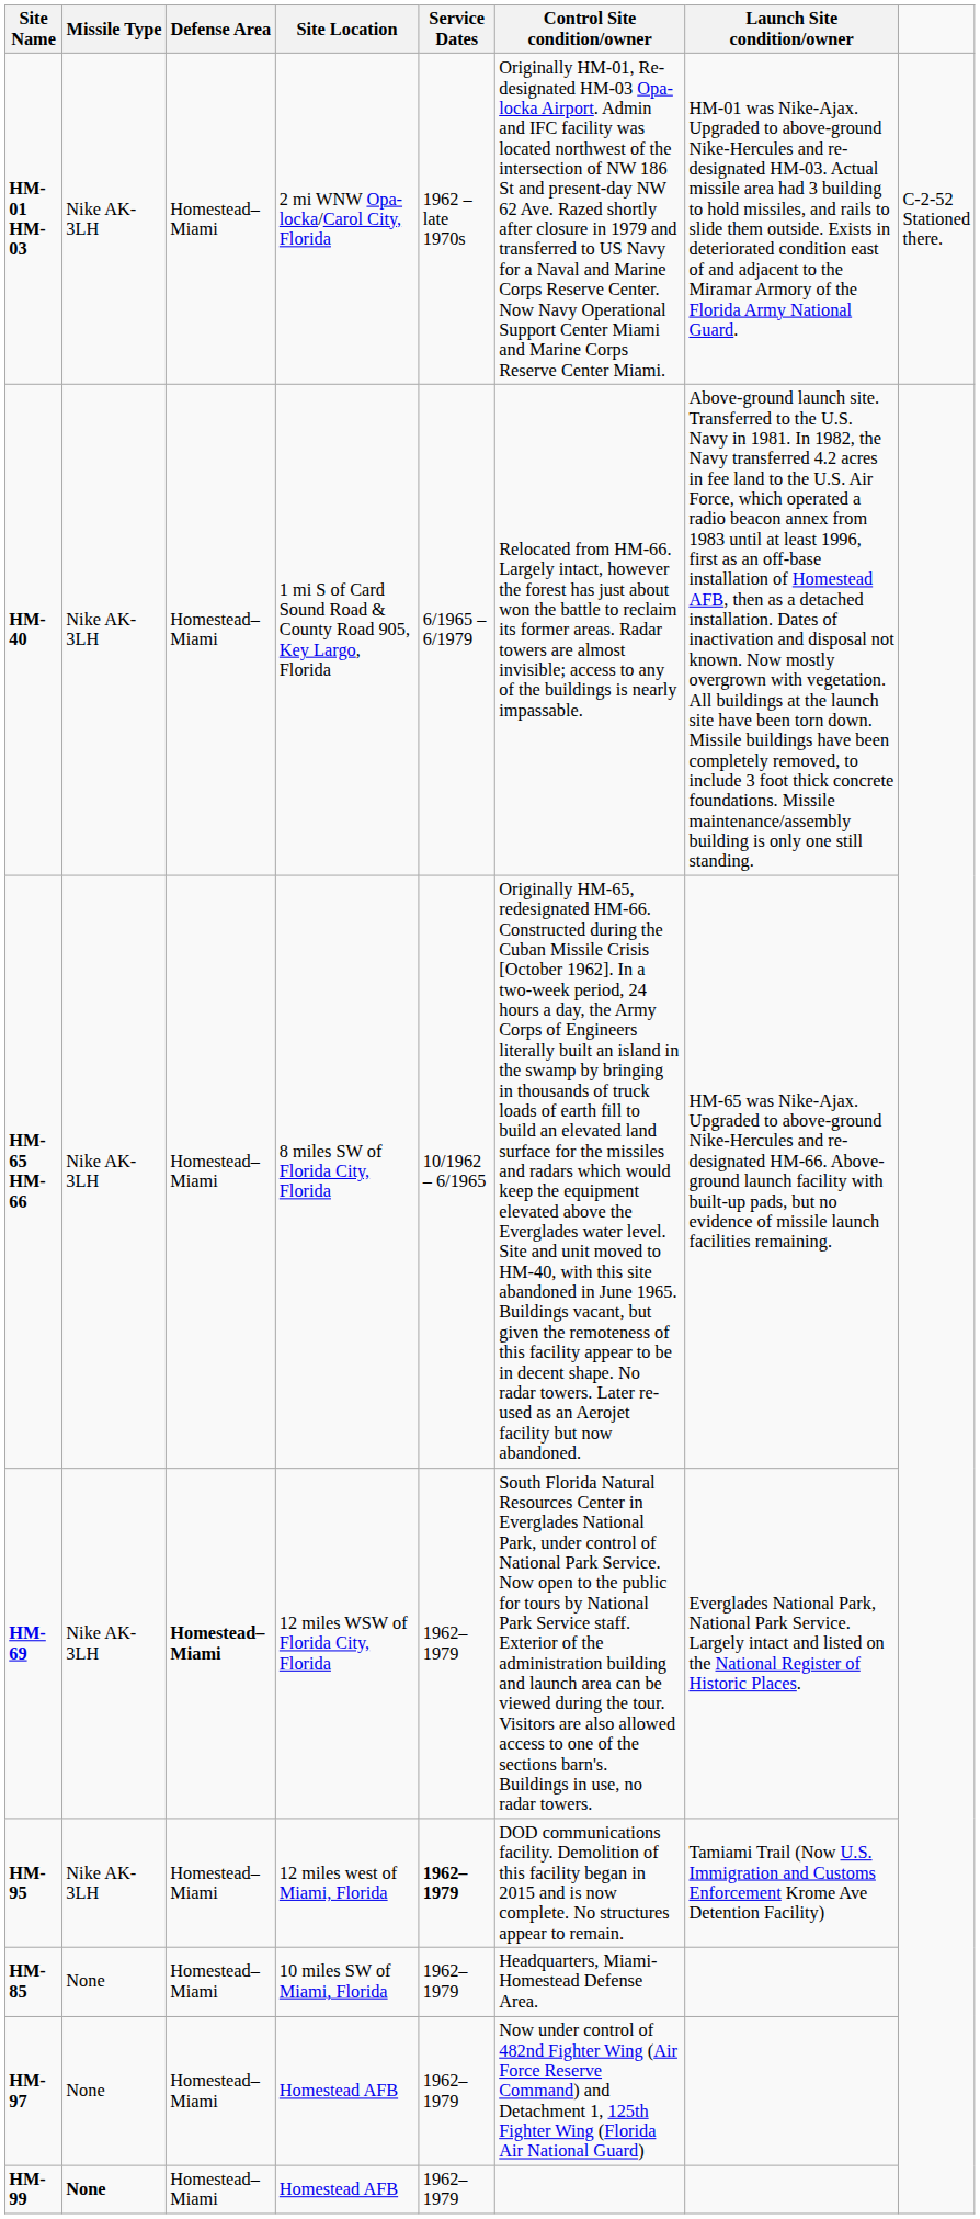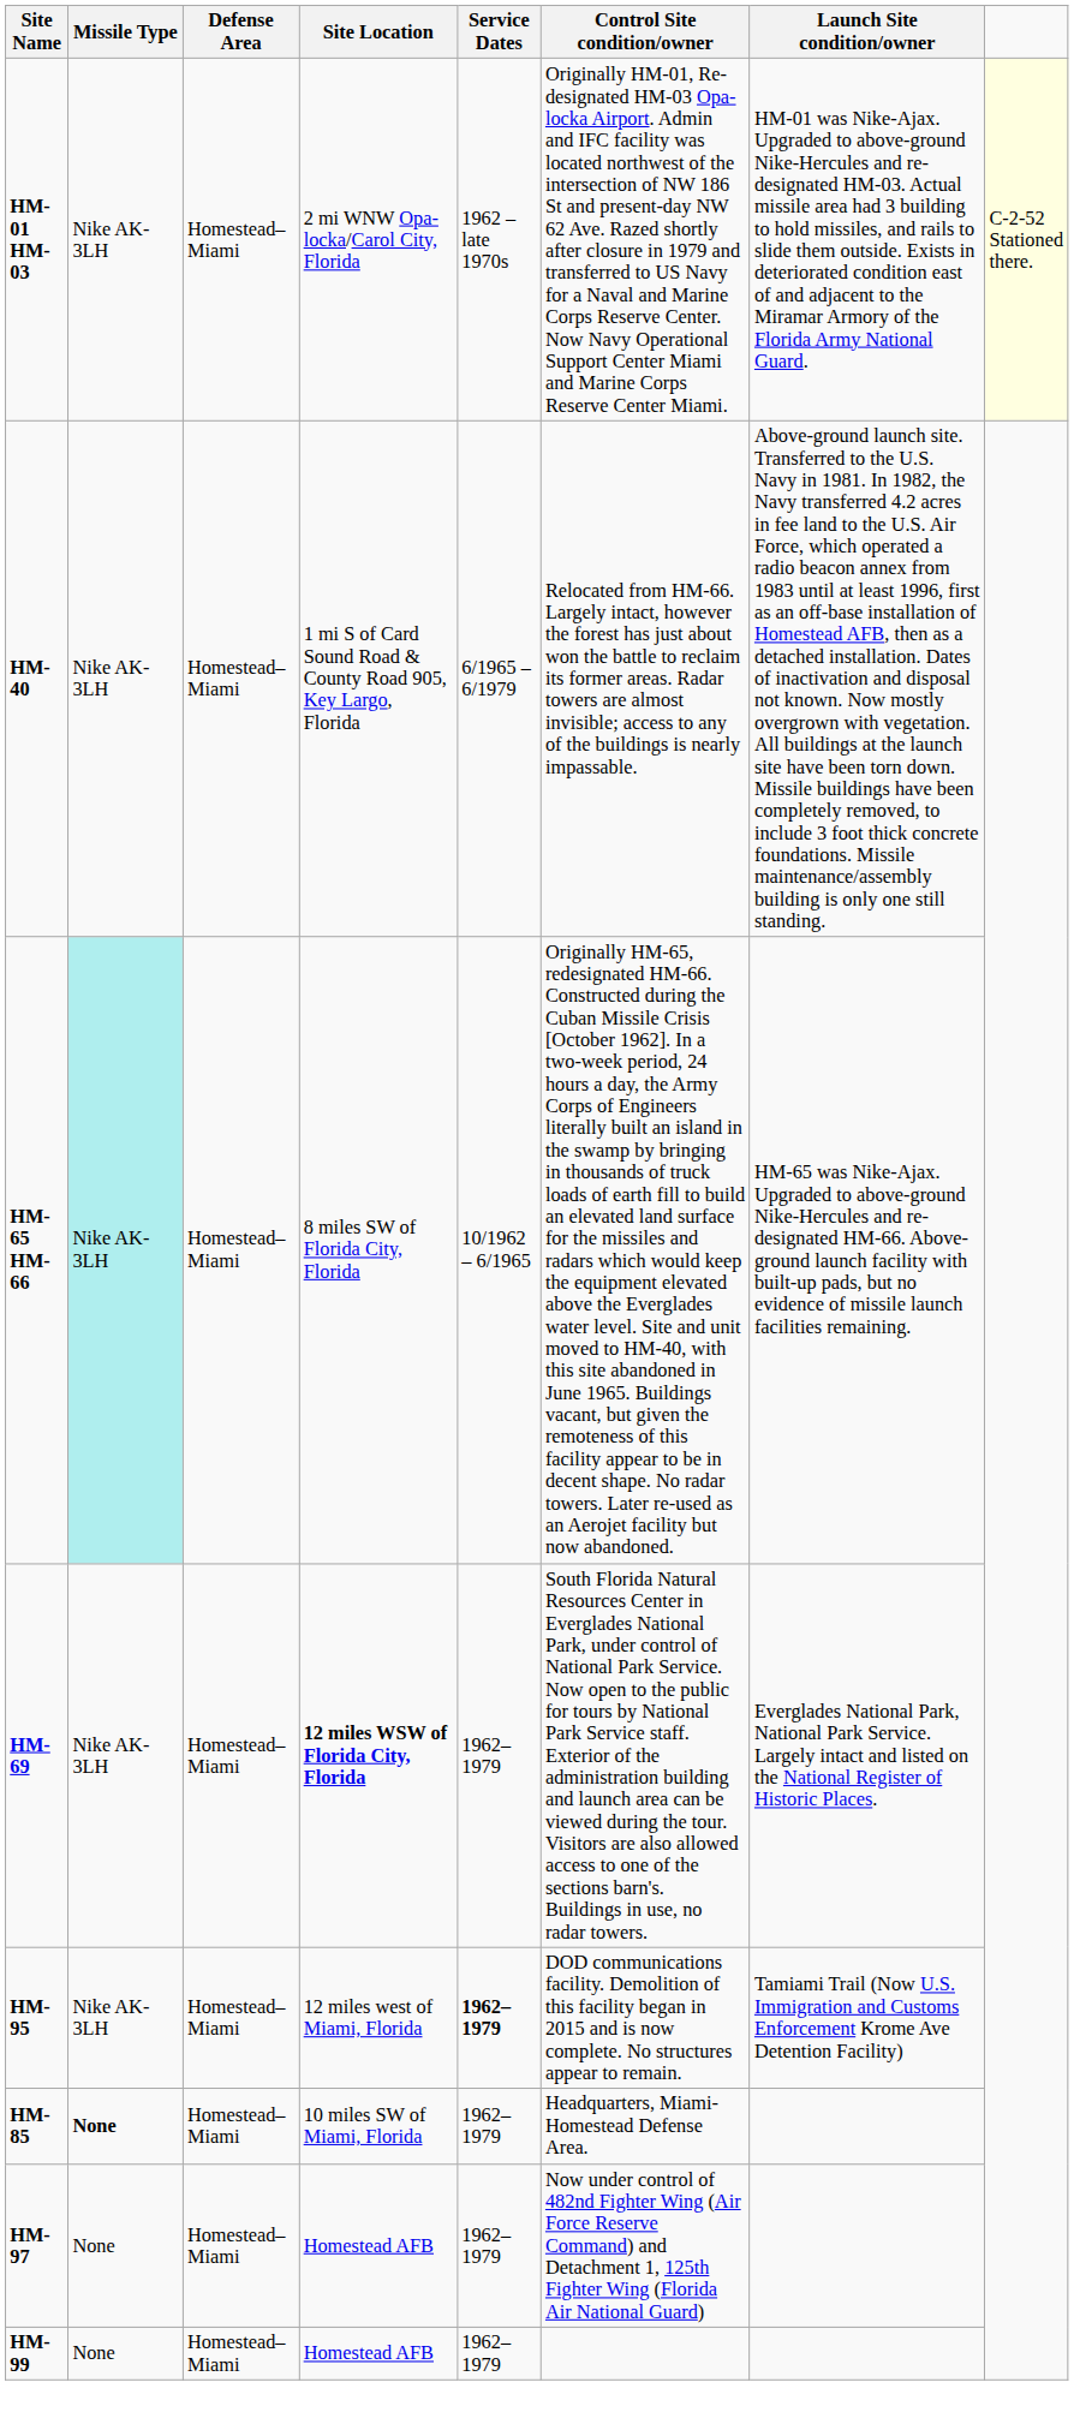 <table class="wikitable sortable">
 <tr>
 <th scope="col" style="width:50px;">Site Name</th>
 <th scope="col" style="width:150px;">Missile Type</th>
 <th scope="col" style="width:100px;">Defense Area</th>
 <th scope="col" style="width:200px;">Site Location</th>
 <th scope="col" style="width:75px;">Service Dates</th>
 <th scope="col" style="width:250px;">Control Site condition/owner</th>
 <th scope="col" style="width:250px;">Launch Site condition/owner</th>
 </tr>
 <tr>
 <td><strong>HM-01</strong><br><strong>HM-03</strong></td>
 <td>Nike AK-3LH</td>
 <td>Homestead–Miami</td>
 <td>2 mi WNW <a href='#'>Opa-locka</a>/<a href='#'>Carol City, Florida</a></td>
 <td>1962 – late 1970s</td>
 <td>Originally HM-01, Re-designated HM-03 <a href='#'>Opa-locka Airport</a>. Admin and IFC facility was located northwest of the intersection of NW 186 St and present-day NW 62 Ave. Razed shortly after closure in 1979 and transferred to US Navy for a Naval and Marine Corps Reserve Center.  Now Navy Operational Support Center Miami and Marine Corps Reserve Center Miami.<br></td>
 <td>HM-01 was Nike-Ajax. Upgraded to above-ground Nike-Hercules and re-designated HM-03. Actual missile area had 3 building to hold missiles, and rails to slide them outside. Exists in deteriorated condition east of and adjacent to the Miramar Armory of the <a href='#'>Florida Army National Guard</a>.<br></td>
-<td>C-2-52 Stationed there.</td>
+<td style="background: lightyellow;">C-2-52 Stationed there.</td>
 </tr>
 <tr>
 <td><strong>HM-40</strong></td>
 <td>Nike AK-3LH</td>
 <td>Homestead–Miami</td>
 <td>1 mi S of Card Sound Road & County Road 905, <a href='#'>Key Largo</a>, Florida</td>
 <td>6/1965 – 6/1979</td>
 <td>Relocated from HM-66. Largely intact, however the forest has just about won the battle to reclaim its former areas. Radar towers are almost invisible; access to any of the buildings is nearly impassable.<br></td>
 <td>Above-ground launch site. Transferred to the U.S. Navy in 1981. In 1982, the Navy transferred 4.2 acres in fee land to the U.S. Air Force, which operated a radio beacon annex from 1983 until at least 1996, first as an off-base installation of <a href='#'>Homestead AFB</a>, then as a detached installation. Dates of inactivation and disposal not known. Now mostly overgrown with vegetation. All buildings at the launch site have been torn down. Missile buildings have been completely removed, to include 3 foot thick concrete foundations. Missile maintenance/assembly building is only one still standing.<br></td>
 </tr>
 <tr>
 <td><strong>HM-65</strong><br><strong>HM-66</strong></td>
-<td>Nike AK-3LH</td>
+<td style="background: paleturquoise;">Nike AK-3LH</td>
 <td>Homestead–Miami</td>
 <td>8 miles SW of <a href='#'>Florida City, Florida</a></td>
 <td>10/1962 – 6/1965</td>
 <td>Originally HM-65, redesignated HM-66. Constructed during the Cuban Missile Crisis [October 1962]. In a two-week period, 24 hours a day, the Army Corps of Engineers literally built an island in the swamp by bringing in thousands of truck loads of earth fill to build an elevated land surface for the missiles and radars which would keep the equipment elevated above the Everglades water level. Site and unit moved to HM-40, with this site abandoned in June 1965. Buildings vacant, but given the remoteness of this facility appear to be in decent shape. No radar towers. Later re-used as an Aerojet facility but now abandoned.<br></td>
 <td>HM-65 was Nike-Ajax. Upgraded to above-ground Nike-Hercules and re-designated HM-66. Above-ground launch facility with built-up pads, but no evidence of missile launch facilities remaining.<br></td>
 </tr>
 <tr>
 <td><strong><a href='#'>HM-69</a></strong></td>
 <td>Nike AK-3LH</td>
-<td><strong>Homestead–Miami</strong></td>
-<td>12 miles WSW of <a href='#'>Florida City, Florida</a></td>
+<td>Homestead–Miami</td>
+<td><strong>12 miles WSW of <a href='#'>Florida City, Florida</a></strong></td>
 <td>1962–1979</td>
 <td>South Florida Natural Resources Center in Everglades National Park, under control of National Park Service. Now open to the public for tours by National Park Service staff. Exterior of the administration building and launch area can be viewed during the tour. Visitors are also allowed access to one of the sections barn's. Buildings in use, no radar towers. <br></td>
 <td>Everglades National Park, National Park Service. Largely intact and listed on the <a href='#'>National Register of Historic Places</a>.<br></td>
 </tr>
 <tr>
 <td><strong>HM-95</strong></td>
 <td>Nike AK-3LH</td>
 <td>Homestead–Miami</td>
 <td>12 miles west of <a href='#'>Miami, Florida</a></td>
 <td><strong>1962–1979</strong></td>
 <td>DOD communications facility. Demolition of this facility began in 2015 and is now complete. No structures appear to remain.<br></td>
 <td>Tamiami Trail (Now <a href='#'>U.S. Immigration and Customs Enforcement</a> Krome Ave Detention Facility)<br></td>
 </tr>
 <tr>
 <td><strong>HM-85</strong></td>
-<td>None</td>
+<td><strong>None</strong></td>
 <td>Homestead–Miami</td>
 <td>10 miles SW of <a href='#'>Miami, Florida</a></td>
 <td>1962–1979</td>
 <td>Headquarters, Miami-Homestead Defense Area.</td>
 <td></td>
 </tr>
 <tr>
 <td><strong>HM-97</strong></td>
 <td>None</td>
 <td>Homestead–Miami</td>
 <td><a href='#'>Homestead AFB</a></td>
 <td>1962–1979</td>
 <td>Now under control of <a href='#'>482nd Fighter Wing</a> (<a href='#'>Air Force Reserve Command</a>) and Detachment 1, <a href='#'>125th Fighter Wing</a> (<a href='#'>Florida Air National Guard</a>)</td>
 <td></td>
 </tr>
 <tr>
 <td><strong>HM-99</strong></td>
-<td><strong>None</strong></td>
+<td>None</td>
 <td>Homestead–Miami</td>
 <td><a href='#'>Homestead AFB</a></td>
 <td>1962–1979</td>
 <td></td>
 <td></td>
 </tr>
 </table>
